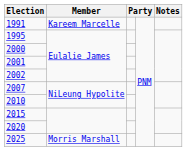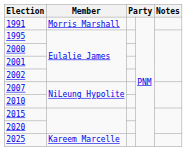 <table class="wikitable sortable">
 <tr>
 <th>Election</th>
 <th>Member</th>
 <th colspan="2">Party</th>
 <th>Notes</th>
 </tr>
 <tr>
 <td><a href='#'>1991</a></td>
-<td><a href='#'>Kareem Marcelle</a></td>
+<td><a href='#'>Morris Marshall</a></td>
 <td style="background:"> </td>
 <td rowspan="10"><a href='#'>PNM</a></td>
 <td></td>
 </tr>
 <tr>
 <td><a href='#'>1995</a></td>
 <td rowspan="4"><a href='#'>Eulalie James</a></td>
 <td style="background:"> </td>
 <td rowspan="4"></td>
 </tr>
 <tr>
 <td><a href='#'>2000</a></td>
 <td style="background:"> </td>
 </tr>
 <tr>
 <td><a href='#'>2001</a></td>
 <td style="background:"> </td>
 </tr>
 <tr>
 <td><a href='#'>2002</a></td>
 <td style="background:"> </td>
 </tr>
 <tr>
 <td><a href='#'>2007</a></td>
 <td rowspan="2"><a href='#'>NiLeung Hypolite</a></td>
 <td style="background:"> </td>
 <td rowspan="2"></td>
 </tr>
 <tr>
 <td><a href='#'>2010</a></td>
 <td style="background:"> </td>
 </tr>
 <tr>
 <td><a href='#'>2015</a></td>
 <td rowspan="2"></td>
 <td style="background:"> </td>
 <td rowspan="2"></td>
 </tr>
 <tr>
 <td><a href='#'>2020</a></td>
 <td style="background:"> </td>
 </tr>
 <tr>
 <td><a href='#'>2025</a></td>
-<td><a href='#'>Morris Marshall</a></td>
+<td><a href='#'>Kareem Marcelle</a></td>
 <td style="background:"> </td>
 <td></td>
 </tr>
 </table>
